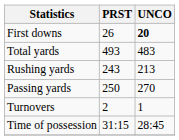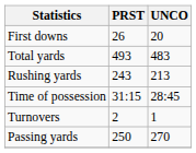 <table class="wikitable" style="float: left;">
 <tr>
 <th>Statistics</th>
 <th>PRST</th>
 <th>UNCO</th>
 </tr>
 <tr>
 <td>First downs</td>
 <td>26</td>
-<td><strong>20</strong></td>
+<td>20</td>
 </tr>
 <tr>
 <td>Total yards</td>
 <td>493</td>
 <td>483</td>
 </tr>
 <tr>
 <td>Rushing yards</td>
 <td>243</td>
 <td>213</td>
 </tr>
 <tr>
-<td>Passing yards</td>
-<td>250</td>
-<td>270</td>
+<td>Time of possession</td>
+<td>31:15</td>
+<td>28:45</td>
 </tr>
 <tr>
 <td>Turnovers</td>
 <td>2</td>
 <td>1</td>
 </tr>
 <tr>
-<td>Time of possession</td>
-<td>31:15</td>
-<td>28:45</td>
+<td>Passing yards</td>
+<td>250</td>
+<td>270</td>
 </tr>
 <tr>
 </tr>
 </table>
